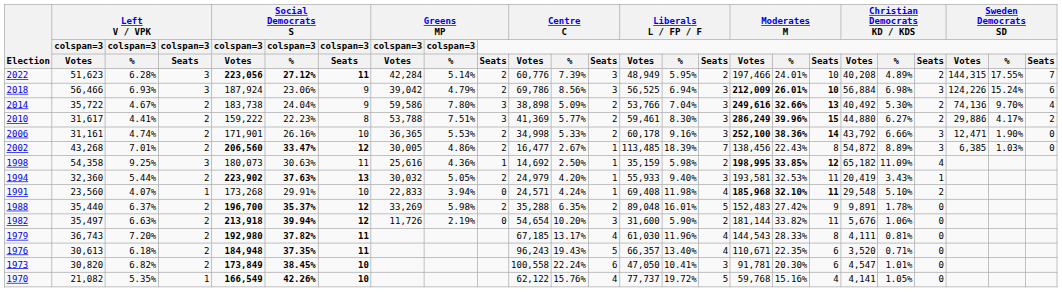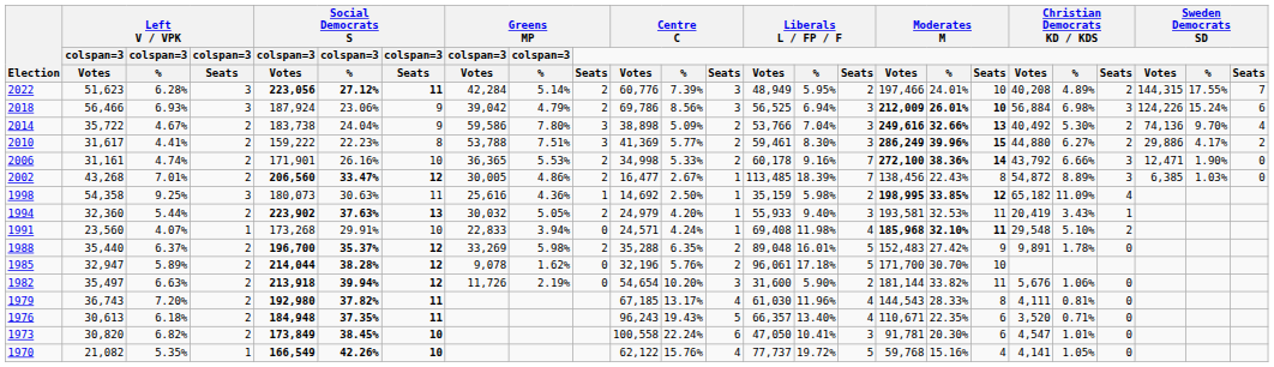 <table class="wikitable" border="1" style="font-size:95%; text-align:right;">
 <tr>
 <th style="text-align:left;" valign=bottom rowspan=3>Election</th>
 <th valign=bottom colspan=3><a href='#'>Left</a><br>V / VPK</th>
 <th valign=bottom colspan=3><a href='#'>Social<br>Democrats</a><br>S</th>
 <th valign=bottom colspan=3><a href='#'>Greens</a><br>MP</th>
 <th valign=bottom colspan=3><a href='#'>Centre</a><br>C</th>
 <th valign=bottom colspan=3><a href='#'>Liberals</a><br>L / FP / F</th>
 <th valign=bottom colspan=3><a href='#'>Moderates</a><br>M</th>
 <th valign=bottom colspan=3><a href='#'>Christian<br>Democrats</a><br>KD / KDS</th>
 <th valign=bottom colspan=3><a href='#'>Sweden<br>Democrats</a><br>SD</th>
 </tr>
 <tr>
 <th>colspan=3 </th>
 <th>colspan=3 </th>
 <th>colspan=3 </th>
 <th>colspan=3 </th>
 <th>colspan=3 </th>
 <th>colspan=3 </th>
 <th>colspan=3 </th>
 <th>colspan=3 </th>
 </tr>
 <tr>
 <th>Votes</th>
 <th>%</th>
 <th>Seats</th>
 <th>Votes</th>
 <th>%</th>
 <th>Seats</th>
 <th>Votes</th>
 <th>%</th>
 <th>Seats</th>
 <th>Votes</th>
 <th>%</th>
 <th>Seats</th>
 <th>Votes</th>
 <th>%</th>
 <th>Seats</th>
 <th>Votes</th>
 <th>%</th>
 <th>Seats</th>
 <th>Votes</th>
 <th>%</th>
 <th>Seats</th>
 <th>Votes</th>
 <th>%</th>
 <th>Seats</th>
 </tr>
 <tr>
 <td align=left><a href='#'>2022</a></td>
 <td>51,623</td>
 <td>6.28%</td>
 <td>3</td>
 <td><strong>223,056</strong></td>
 <td><strong>27.12%</strong></td>
 <td><strong>11</strong></td>
 <td>42,284</td>
 <td>5.14%</td>
 <td>2</td>
 <td>60,776</td>
 <td>7.39%</td>
 <td>3</td>
 <td>48,949</td>
 <td>5.95%</td>
 <td>2</td>
 <td>197,466</td>
 <td>24.01%</td>
 <td>10</td>
 <td>40,208</td>
 <td>4.89%</td>
 <td>2</td>
 <td>144,315</td>
 <td>17.55%</td>
 <td>7</td>
 </tr>
 <tr>
 <td align=left><a href='#'>2018</a></td>
 <td>56,466</td>
 <td>6.93%</td>
 <td>3</td>
 <td>187,924</td>
 <td>23.06%</td>
 <td>9</td>
 <td>39,042</td>
 <td>4.79%</td>
 <td>2</td>
 <td>69,786</td>
 <td>8.56%</td>
 <td>3</td>
 <td>56,525</td>
 <td>6.94%</td>
 <td>3</td>
 <td><strong>212,009</strong></td>
 <td><strong>26.01%</strong></td>
 <td><strong>10</strong></td>
 <td>56,884</td>
 <td>6.98%</td>
 <td>3</td>
 <td>124,226</td>
 <td>15.24%</td>
 <td>6</td>
 </tr>
 <tr>
 <td align=left><a href='#'>2014</a></td>
 <td>35,722</td>
 <td>4.67%</td>
 <td>2</td>
 <td>183,738</td>
 <td>24.04%</td>
 <td>9</td>
 <td>59,586</td>
 <td>7.80%</td>
 <td>3</td>
 <td>38,898</td>
 <td>5.09%</td>
 <td>2</td>
 <td>53,766</td>
 <td>7.04%</td>
 <td>3</td>
 <td><strong>249,616</strong></td>
 <td><strong>32.66%</strong></td>
 <td><strong>13</strong></td>
 <td>40,492</td>
 <td>5.30%</td>
 <td>2</td>
 <td>74,136</td>
 <td>9.70%</td>
 <td>4</td>
 </tr>
 <tr>
 <td align=left><a href='#'>2010</a></td>
 <td>31,617</td>
 <td>4.41%</td>
 <td>2</td>
 <td>159,222</td>
 <td>22.23%</td>
 <td>8</td>
 <td>53,788</td>
 <td>7.51%</td>
 <td>3</td>
 <td>41,369</td>
 <td>5.77%</td>
 <td>2</td>
 <td>59,461</td>
 <td>8.30%</td>
 <td>3</td>
 <td><strong>286,249</strong></td>
 <td><strong>39.96%</strong></td>
 <td><strong>15</strong></td>
 <td>44,880</td>
 <td>6.27%</td>
 <td>2</td>
 <td>29,886</td>
 <td>4.17%</td>
 <td>2</td>
 </tr>
 <tr>
 <td align=left><a href='#'>2006</a></td>
 <td>31,161</td>
 <td>4.74%</td>
 <td>2</td>
 <td>171,901</td>
 <td>26.16%</td>
 <td>10</td>
 <td>36,365</td>
 <td>5.53%</td>
 <td>2</td>
 <td>34,998</td>
 <td>5.33%</td>
 <td>2</td>
 <td>60,178</td>
 <td>9.16%</td>
-<td>3</td>
-<td><strong>252,100</strong></td>
+<td>7</td>
+<td><strong>272,100</strong></td>
 <td><strong>38.36%</strong></td>
 <td><strong>14</strong></td>
 <td>43,792</td>
 <td>6.66%</td>
 <td>3</td>
 <td>12,471</td>
 <td>1.90%</td>
 <td>0</td>
 </tr>
 <tr>
 <td align=left><a href='#'>2002</a></td>
 <td>43,268</td>
 <td>7.01%</td>
 <td>2</td>
 <td><strong>206,560</strong></td>
 <td><strong>33.47%</strong></td>
 <td><strong>12</strong></td>
 <td>30,005</td>
 <td>4.86%</td>
 <td>2</td>
 <td>16,477</td>
 <td>2.67%</td>
 <td>1</td>
 <td>113,485</td>
 <td>18.39%</td>
 <td>7</td>
 <td>138,456</td>
 <td>22.43%</td>
 <td>8</td>
 <td>54,872</td>
 <td>8.89%</td>
 <td>3</td>
 <td>6,385</td>
 <td>1.03%</td>
 <td>0</td>
 </tr>
 <tr>
 <td align=left><a href='#'>1998</a></td>
 <td>54,358</td>
 <td>9.25%</td>
 <td>3</td>
 <td>180,073</td>
 <td>30.63%</td>
 <td>11</td>
 <td>25,616</td>
 <td>4.36%</td>
 <td>1</td>
 <td>14,692</td>
 <td>2.50%</td>
 <td>1</td>
 <td>35,159</td>
 <td>5.98%</td>
 <td>2</td>
 <td><strong>198,995</strong></td>
 <td><strong>33.85%</strong></td>
 <td><strong>12</strong></td>
 <td>65,182</td>
 <td>11.09%</td>
 <td>4</td>
 <td></td>
 <td></td>
 <td></td>
 </tr>
 <tr>
 <td align=left><a href='#'>1994</a></td>
 <td>32,360</td>
 <td>5.44%</td>
 <td>2</td>
 <td><strong>223,902</strong></td>
 <td><strong>37.63%</strong></td>
 <td><strong>13</strong></td>
 <td>30,032</td>
 <td>5.05%</td>
 <td>2</td>
 <td>24,979</td>
 <td>4.20%</td>
 <td>1</td>
 <td>55,933</td>
 <td>9.40%</td>
 <td>3</td>
 <td>193,581</td>
 <td>32.53%</td>
 <td>11</td>
 <td>20,419</td>
 <td>3.43%</td>
 <td>1</td>
 <td></td>
 <td></td>
 <td></td>
 </tr>
 <tr>
 <td align=left><a href='#'>1991</a></td>
 <td>23,560</td>
 <td>4.07%</td>
 <td>1</td>
 <td>173,268</td>
 <td>29.91%</td>
 <td>10</td>
 <td>22,833</td>
 <td>3.94%</td>
 <td>0</td>
 <td>24,571</td>
 <td>4.24%</td>
 <td>1</td>
 <td>69,408</td>
 <td>11.98%</td>
 <td>4</td>
 <td><strong>185,968</strong></td>
 <td><strong>32.10%</strong></td>
 <td><strong>11</strong></td>
 <td>29,548</td>
 <td>5.10%</td>
 <td>2</td>
 <td></td>
 <td></td>
 <td></td>
 </tr>
 <tr>
 <td align=left><a href='#'>1988</a></td>
 <td>35,440</td>
 <td>6.37%</td>
 <td>2</td>
 <td><strong>196,700</strong></td>
 <td><strong>35.37%</strong></td>
 <td><strong>12</strong></td>
 <td>33,269</td>
 <td>5.98%</td>
 <td>2</td>
 <td>35,288</td>
 <td>6.35%</td>
 <td>2</td>
 <td>89,048</td>
 <td>16.01%</td>
 <td>5</td>
 <td>152,483</td>
 <td>27.42%</td>
 <td>9</td>
 <td>9,891</td>
 <td>1.78%</td>
 <td>0</td>
 <td></td>
 <td></td>
 <td></td>
 </tr>
 <tr>
+<td align=left><a href='#'>1985</a></td>
+<td>32,947</td>
+<td>5.89%</td>
+<td>2</td>
+<td><strong>214,044</strong></td>
+<td><strong>38.28%</strong></td>
+<td><strong>12</strong></td>
+<td>9,078</td>
+<td>1.62%</td>
+<td>0</td>
+<td>32,196</td>
+<td>5.76%</td>
+<td>2</td>
+<td>96,061</td>
+<td>17.18%</td>
+<td>5</td>
+<td>171,700</td>
+<td>30.70%</td>
+<td>10</td>
+<td></td>
+<td></td>
+<td></td>
+<td></td>
+<td></td>
+<td></td>
+</tr>
+<tr>
 <td align=left><a href='#'>1982</a></td>
 <td>35,497</td>
 <td>6.63%</td>
 <td>2</td>
 <td><strong>213,918</strong></td>
 <td><strong>39.94%</strong></td>
 <td><strong>12</strong></td>
 <td>11,726</td>
 <td>2.19%</td>
 <td>0</td>
 <td>54,654</td>
 <td>10.20%</td>
 <td>3</td>
 <td>31,600</td>
 <td>5.90%</td>
 <td>2</td>
 <td>181,144</td>
 <td>33.82%</td>
 <td>11</td>
 <td>5,676</td>
 <td>1.06%</td>
 <td>0</td>
 <td></td>
 <td></td>
 <td></td>
 </tr>
 <tr>
 <td align=left><a href='#'>1979</a></td>
 <td>36,743</td>
 <td>7.20%</td>
 <td>2</td>
 <td><strong>192,980</strong></td>
 <td><strong>37.82%</strong></td>
 <td><strong>11</strong></td>
 <td></td>
 <td></td>
 <td></td>
 <td>67,185</td>
 <td>13.17%</td>
 <td>4</td>
 <td>61,030</td>
 <td>11.96%</td>
 <td>4</td>
 <td>144,543</td>
 <td>28.33%</td>
 <td>8</td>
 <td>4,111</td>
 <td>0.81%</td>
 <td>0</td>
 <td></td>
 <td></td>
 <td></td>
 </tr>
 <tr>
 <td align=left><a href='#'>1976</a></td>
 <td>30,613</td>
 <td>6.18%</td>
 <td>2</td>
 <td><strong>184,948</strong></td>
 <td><strong>37.35%</strong></td>
 <td><strong>11</strong></td>
 <td></td>
 <td></td>
 <td></td>
 <td>96,243</td>
 <td>19.43%</td>
 <td>5</td>
 <td>66,357</td>
 <td>13.40%</td>
 <td>4</td>
 <td>110,671</td>
 <td>22.35%</td>
 <td>6</td>
 <td>3,520</td>
 <td>0.71%</td>
 <td>0</td>
 <td></td>
 <td></td>
 <td></td>
 </tr>
 <tr>
 <td align=left><a href='#'>1973</a></td>
 <td>30,820</td>
 <td>6.82%</td>
 <td>2</td>
 <td><strong>173,849</strong></td>
 <td><strong>38.45%</strong></td>
 <td><strong>10</strong></td>
 <td></td>
 <td></td>
 <td></td>
 <td>100,558</td>
 <td>22.24%</td>
 <td>6</td>
 <td>47,050</td>
 <td>10.41%</td>
 <td>3</td>
 <td>91,781</td>
 <td>20.30%</td>
 <td>6</td>
 <td>4,547</td>
 <td>1.01%</td>
 <td>0</td>
 <td></td>
 <td></td>
 <td></td>
 </tr>
 <tr>
 <td align=left><a href='#'>1970</a></td>
 <td>21,082</td>
 <td>5.35%</td>
 <td>1</td>
 <td><strong>166,549</strong></td>
 <td><strong>42.26%</strong></td>
 <td><strong>10</strong></td>
 <td></td>
 <td></td>
 <td></td>
 <td>62,122</td>
 <td>15.76%</td>
 <td>4</td>
 <td>77,737</td>
 <td>19.72%</td>
 <td>5</td>
 <td>59,768</td>
 <td>15.16%</td>
 <td>4</td>
 <td>4,141</td>
 <td>1.05%</td>
 <td>0</td>
 <td></td>
 <td></td>
 <td></td>
 </tr>
 </table>
